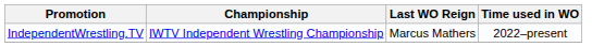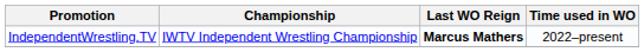 <table class="wikitable" style="background:#fcfdff; font-size:95%; text-align: center;">
 <tr>
 <th>Promotion</th>
 <th>Championship</th>
 <th>Last WO Reign</th>
 <th>Time used in WO</th>
 </tr>
 <tr>
 <td rowspan="1"><a href='#'>IndependentWrestling.TV</a></td>
 <td><a href='#'>IWTV Independent Wrestling Championship</a></td>
-<td>Marcus Mathers</td>
+<td><strong>Marcus Mathers</strong></td>
 <td>2022–present</td>
 </tr>
 <tr>
 </tr>
 </table>
